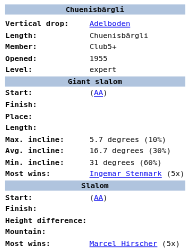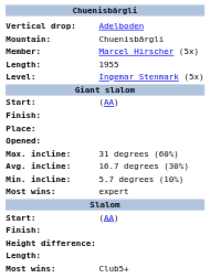 <table border=0 class="toccolours float-right" align="right" style="margin:0 0 0.5em 1em; font-size: 85%;">
 <tr>
 <th bgcolor=#b0c4de colspan=2 align="center">Chuenisbärgli</th>
 </tr>
 <tr>
 <td align="center" colspan=2></td>
 </tr>
 <tr>
 <td><strong>Vertical drop:</strong></td>
 <td> <a href='#'>Adelboden</a></td>
 </tr>
 <tr>
-<td><strong>Length:</strong></td>
+<td><strong>Mountain:</strong></td>
 <td>Chuenisbärgli</td>
 </tr>
 <tr>
 <td><strong>Member:</strong></td>
-<td>Club5+</td>
+<td> <a href='#'>Marcel Hirscher</a> (5x)</td>
 </tr>
 <tr>
-<td><strong>Opened:</strong></td>
+<td><strong>Length:</strong></td>
 <td>1955</td>
 </tr>
 <tr>
 <td><strong>Level:</strong></td>
-<td> expert</td>
+<td> <a href='#'>Ingemar Stenmark</a> (5x)</td>
 </tr>
 <tr>
 <th bgcolor=#b0c4de colspan=2 align="center">Giant slalom</th>
 </tr>
 <tr>
 <td><strong>Start:</strong></td>
 <td> (<a href='#'>AA</a>)</td>
 </tr>
 <tr>
 <td><strong>Finish:</strong></td>
 <td></td>
 </tr>
 <tr>
 <td><strong>Place:</strong></td>
 <td></td>
 </tr>
 <tr>
-<td><strong>Length:</strong></td>
+<td><strong>Opened:</strong></td>
 <td></td>
 </tr>
 <tr>
 <td><strong>Max. incline:</strong></td>
-<td>5.7 degrees (10%)</td>
+<td>31 degrees (60%)</td>
 </tr>
 <tr>
 <td><strong>Avg. incline:</strong></td>
 <td>16.7 degrees (30%)</td>
 </tr>
 <tr>
 <td><strong>Min. incline:</strong></td>
-<td>31 degrees (60%)</td>
+<td>5.7 degrees (10%)</td>
 </tr>
 <tr>
 <td><strong>Most wins:</strong></td>
-<td> <a href='#'>Ingemar Stenmark</a> (5x)</td>
+<td> expert</td>
 </tr>
 <tr>
 <th bgcolor=#b0c4de colspan=2 align="center">Slalom</th>
 </tr>
 <tr>
 <td><strong>Start:</strong></td>
 <td> (<a href='#'>AA</a>)</td>
 </tr>
 <tr>
 <td><strong>Finish:</strong></td>
 <td></td>
 </tr>
 <tr>
 <td><strong>Height difference:</strong></td>
 <td></td>
 </tr>
 <tr>
-<td><strong>Mountain:</strong></td>
+<td><strong>Length:</strong></td>
 <td></td>
 </tr>
 <tr>
 <td><strong>Most wins:</strong></td>
-<td> <a href='#'>Marcel Hirscher</a> (5x)</td>
+<td>Club5+</td>
 </tr>
 </table>
